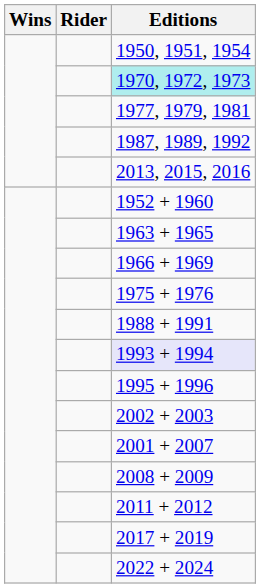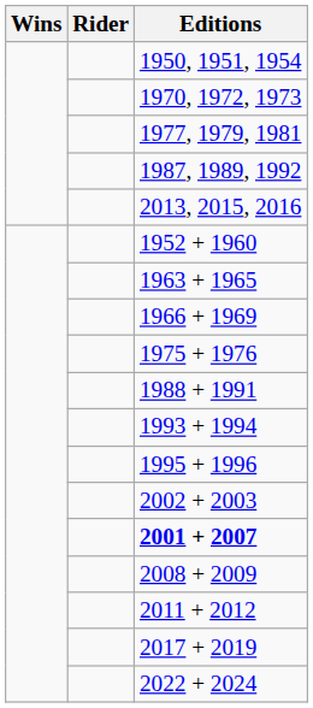 <table class="wikitable">
 <tr>
 <th>Wins</th>
 <th>Rider</th>
 <th>Editions</th>
 </tr>
 <tr>
 <td rowspan= 5></td>
 <td></td>
 <td><a href='#'>1950</a>, <a href='#'>1951</a>, <a href='#'>1954</a></td>
 </tr>
 <tr>
 <td></td>
-<td style="background: paleturquoise;"><a href='#'>1970</a>, <a href='#'>1972</a>, <a href='#'>1973</a></td>
+<td><a href='#'>1970</a>, <a href='#'>1972</a>, <a href='#'>1973</a></td>
 </tr>
 <tr>
 <td></td>
 <td><a href='#'>1977</a>, <a href='#'>1979</a>, <a href='#'>1981</a></td>
 </tr>
 <tr>
 <td></td>
 <td><a href='#'>1987</a>, <a href='#'>1989</a>, <a href='#'>1992</a></td>
 </tr>
 <tr>
 <td></td>
 <td><a href='#'>2013</a>, <a href='#'>2015</a>, <a href='#'>2016</a></td>
 </tr>
 <tr>
 <td rowspan= 13></td>
 <td></td>
 <td><a href='#'>1952</a> + <a href='#'>1960</a></td>
 </tr>
 <tr>
 <td></td>
 <td><a href='#'>1963</a> + <a href='#'>1965</a></td>
 </tr>
 <tr>
 <td></td>
 <td><a href='#'>1966</a> + <a href='#'>1969</a></td>
 </tr>
 <tr>
 <td></td>
 <td><a href='#'>1975</a> + <a href='#'>1976</a></td>
 </tr>
 <tr>
 <td></td>
 <td><a href='#'>1988</a> + <a href='#'>1991</a></td>
 </tr>
 <tr>
 <td></td>
-<td style="background: lavender;"><a href='#'>1993</a> + <a href='#'>1994</a></td>
+<td><a href='#'>1993</a> + <a href='#'>1994</a></td>
 </tr>
 <tr>
 <td></td>
 <td><a href='#'>1995</a> + <a href='#'>1996</a></td>
 </tr>
 <tr>
 <td><s></s></td>
 <td><a href='#'>2002</a> + <a href='#'>2003</a></td>
 </tr>
 <tr>
 <td></td>
-<td><a href='#'>2001</a> + <a href='#'>2007</a></td>
+<td><strong><a href='#'>2001</a> + <a href='#'>2007</a></strong></td>
 </tr>
 <tr>
 <td></td>
 <td><a href='#'>2008</a> + <a href='#'>2009</a></td>
 </tr>
 <tr>
 <td></td>
 <td><a href='#'>2011</a> + <a href='#'>2012</a></td>
 </tr>
 <tr>
 <td></td>
 <td><a href='#'>2017</a> + <a href='#'>2019</a></td>
 </tr>
 <tr>
 <td></td>
 <td><a href='#'>2022</a> + <a href='#'>2024</a></td>
 </tr>
 </table>
